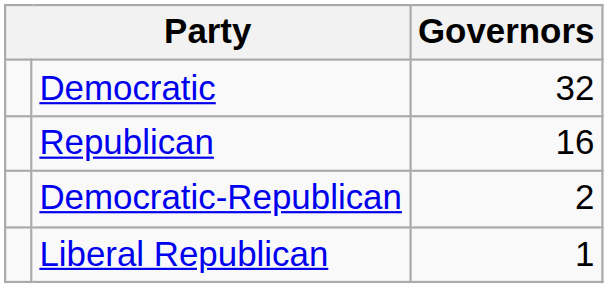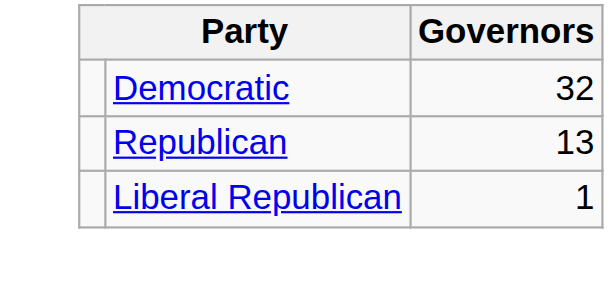 <table class=wikitable style="float:right;margin:0 0 0.5em 1em;">
 <tr>
 <th colspan=2>Party</th>
 <th>Governors</th>
 </tr>
 <tr>
 <td style="background:"> </td>
 <td><a href='#'>Democratic</a></td>
 <td align=right>32</td>
 </tr>
 <tr>
 <td style="background:"></td>
 <td><a href='#'>Republican</a></td>
-<td align=right>16</td>
-</tr>
-<tr>
-<td style="background:"></td>
-<td><a href='#'>Democratic-Republican</a></td>
-<td align=right>2</td>
+<td align=right>13</td>
 </tr>
 <tr>
 <td style="background:"></td>
 <td><a href='#'>Liberal Republican</a></td>
 <td align=right>1</td>
 </tr>
 </table>
